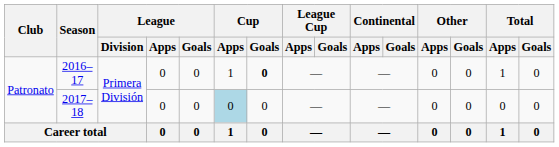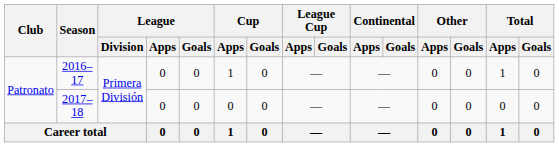 <table class="wikitable" style="text-align:center">
 <tr>
 <th rowspan="2">Club</th>
 <th rowspan="2">Season</th>
 <th colspan="3">League</th>
 <th colspan="2">Cup</th>
 <th colspan="2">League Cup</th>
 <th colspan="2">Continental</th>
 <th colspan="2">Other</th>
 <th colspan="2">Total</th>
 </tr>
 <tr>
 <th>Division</th>
 <th>Apps</th>
 <th>Goals</th>
 <th>Apps</th>
 <th>Goals</th>
 <th>Apps</th>
 <th>Goals</th>
 <th>Apps</th>
 <th>Goals</th>
 <th>Apps</th>
 <th>Goals</th>
 <th>Apps</th>
 <th>Goals</th>
 </tr>
 <tr>
 <td rowspan="2"><a href='#'>Patronato</a></td>
 <td><a href='#'>2016–17</a></td>
 <td rowspan="2"><a href='#'>Primera División</a></td>
 <td>0</td>
 <td>0</td>
 <td>1</td>
-<td><strong>0</strong></td>
+<td>0</td>
 <td colspan="2">—</td>
 <td colspan="2">—</td>
 <td>0</td>
 <td>0</td>
 <td>1</td>
 <td>0</td>
 </tr>
 <tr>
 <td><a href='#'>2017–18</a></td>
 <td>0</td>
 <td>0</td>
-<td style="background: lightblue;">0</td>
+<td>0</td>
 <td>0</td>
 <td colspan="2">—</td>
 <td colspan="2">—</td>
 <td>0</td>
 <td>0</td>
 <td>0</td>
 <td>0</td>
 </tr>
 <tr>
 <th colspan="3">Career total</th>
 <th>0</th>
 <th>0</th>
 <th>1</th>
 <th>0</th>
 <th colspan="2">—</th>
 <th colspan="2">—</th>
 <th>0</th>
 <th>0</th>
 <th>1</th>
 <th>0</th>
 </tr>
 </table>
